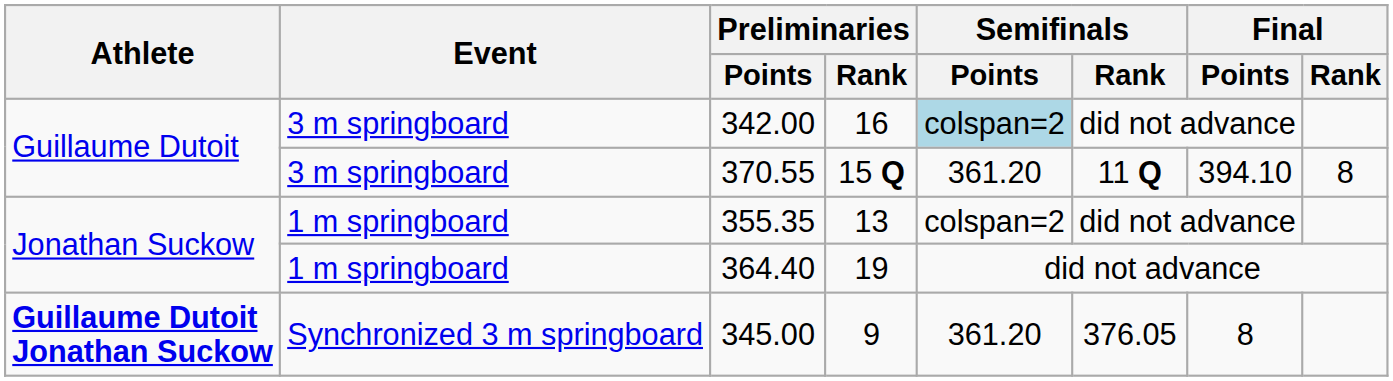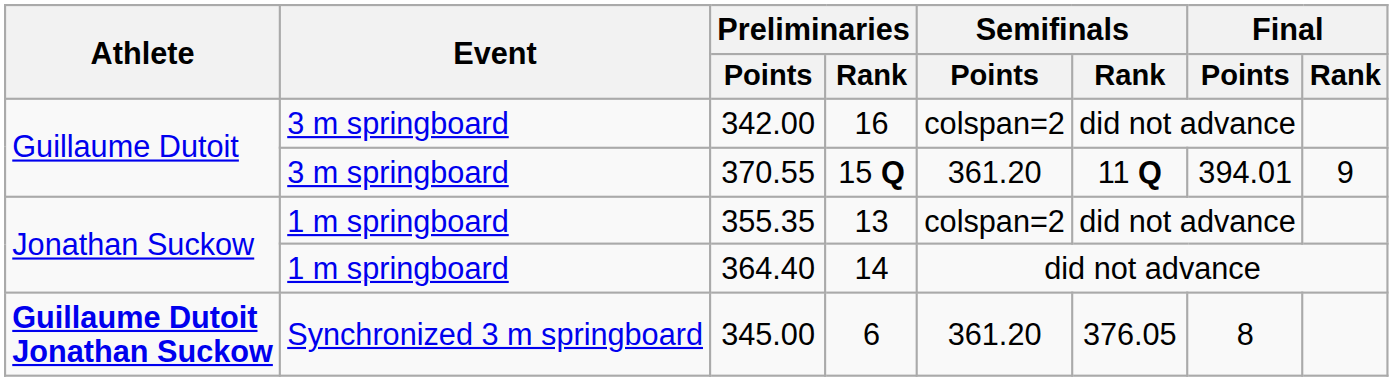 <table class="wikitable" style="text-align:center; font-size:90%">
 <tr>
 <th rowspan="2">Athlete</th>
 <th rowspan="2">Event</th>
 <th colspan="2">Preliminaries</th>
 <th colspan="2">Semifinals</th>
 <th colspan="2">Final</th>
 </tr>
 <tr style="font-size:95%">
 <th>Points</th>
 <th>Rank</th>
 <th>Points</th>
 <th>Rank</th>
 <th>Points</th>
 <th>Rank</th>
 </tr>
 <tr>
 <td align=left rowspan=2><a href='#'>Guillaume Dutoit</a></td>
 <td align=left><a href='#'>3 m springboard</a></td>
 <td>342.00</td>
 <td>16</td>
-<td style="background: lightblue;">colspan=2 </td>
+<td>colspan=2 </td>
 <td colspan=2>did not advance</td>
 </tr>
 <tr>
 <td align=left><a href='#'>3 m springboard</a></td>
 <td>370.55</td>
 <td>15 <strong>Q</strong></td>
 <td>361.20</td>
 <td>11 <strong>Q</strong></td>
-<td>394.10</td>
-<td>8</td>
+<td>394.01</td>
+<td>9</td>
 </tr>
 <tr>
 <td align=left rowspan=2><a href='#'>Jonathan Suckow</a></td>
 <td align=left><a href='#'>1 m springboard</a></td>
 <td>355.35</td>
 <td>13</td>
 <td>colspan=2 </td>
 <td colspan=2>did not advance</td>
 </tr>
 <tr>
 <td align=left><a href='#'>1 m springboard</a></td>
 <td>364.40</td>
-<td>19</td>
+<td>14</td>
 <td colspan=4>did not advance</td>
 </tr>
 <tr>
 <td align=left><strong><a href='#'>Guillaume Dutoit</a><br><a href='#'>Jonathan Suckow</a></strong></td>
 <td align=left><a href='#'>Synchronized 3 m springboard</a></td>
 <td>345.00</td>
-<td>9</td>
+<td>6</td>
 <td>361.20</td>
 <td>376.05</td>
 <td>8</td>
 </tr>
 </table>
